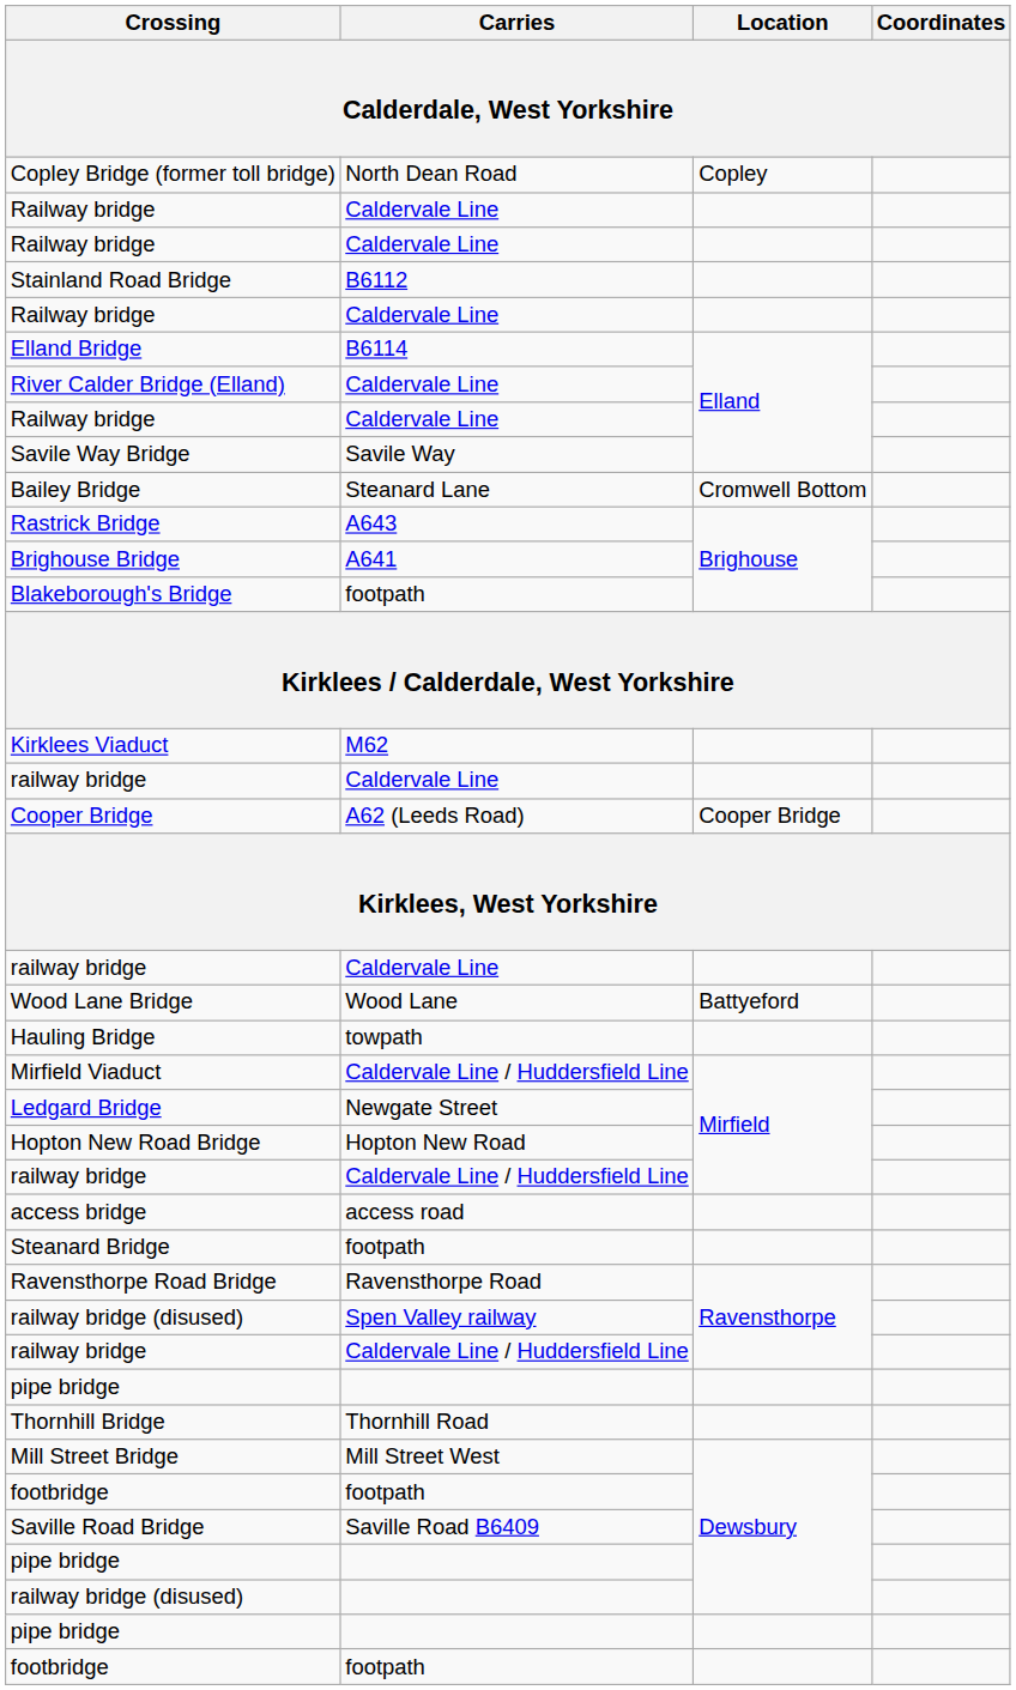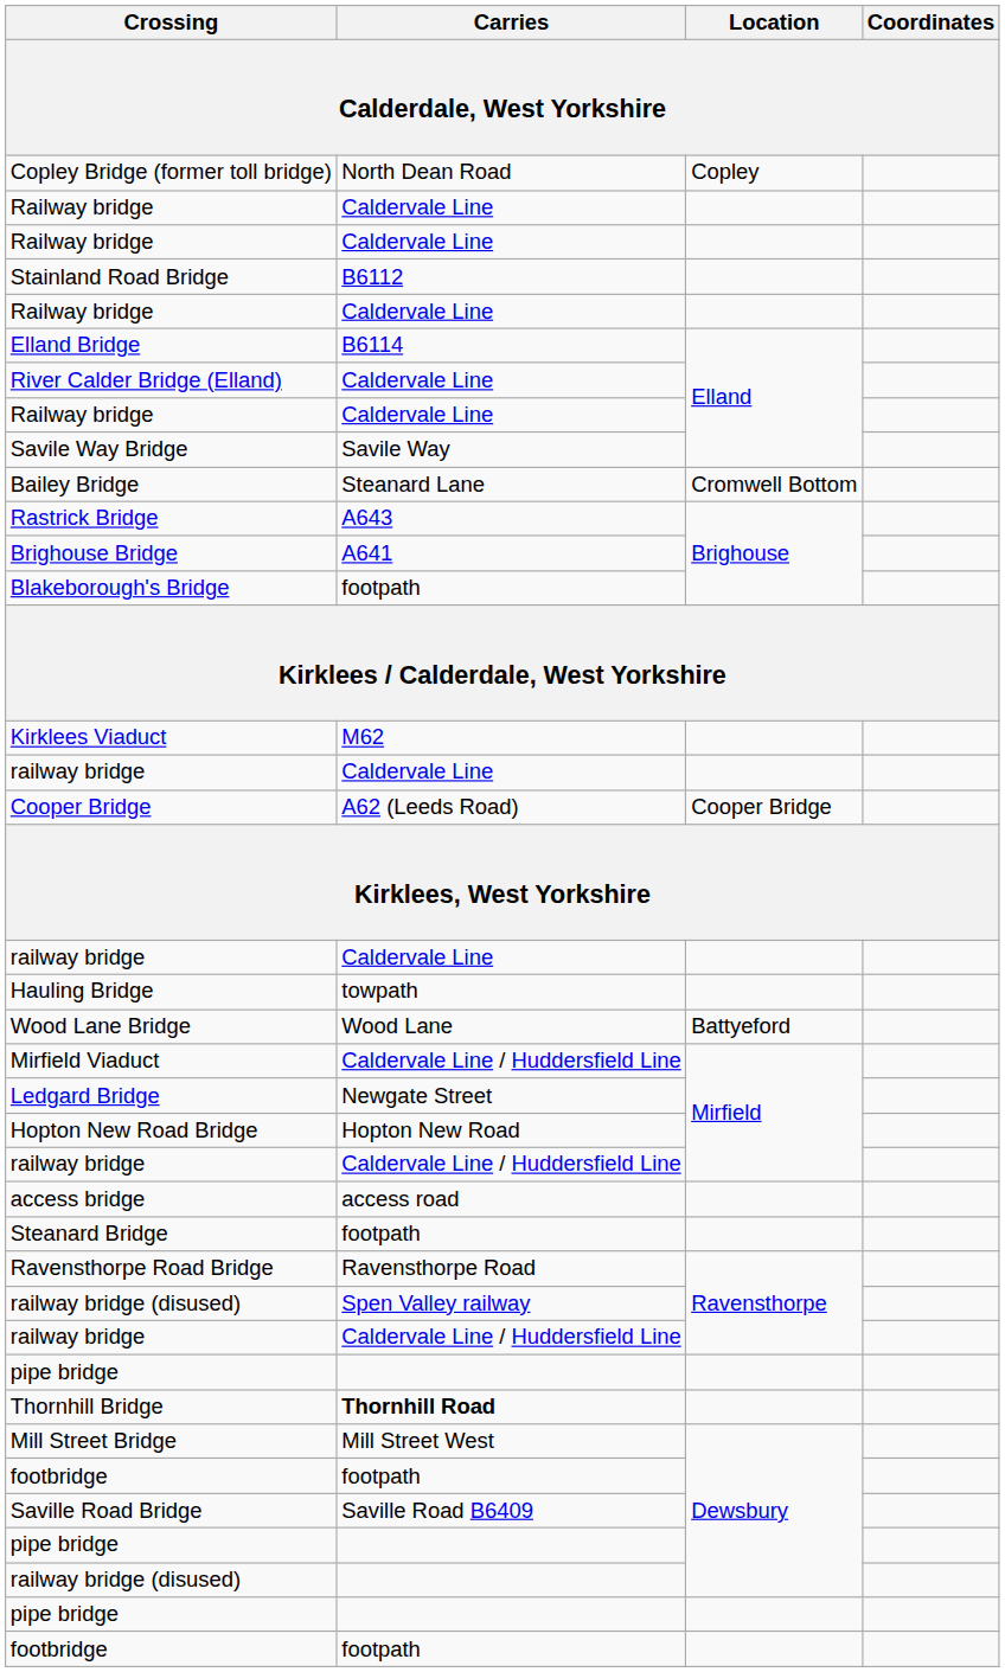 <table class=wikitable>
 <tr>
 <th>Crossing</th>
 <th>Carries</th>
 <th>Location</th>
 <th>Coordinates</th>
 </tr>
 <tr>
 <th colspan=4><br><h3>Calderdale, West Yorkshire</h3></th>
 </tr>
 <tr>
 <td>Copley Bridge (former toll bridge)</td>
 <td>North Dean Road</td>
 <td>Copley</td>
 <td></td>
 </tr>
 <tr>
 <td>Railway bridge</td>
 <td><a href='#'>Caldervale Line</a></td>
 <td></td>
 <td></td>
 </tr>
 <tr>
 <td>Railway bridge</td>
 <td><a href='#'>Caldervale Line</a></td>
 <td></td>
 <td></td>
 </tr>
 <tr>
 <td>Stainland Road Bridge</td>
 <td><a href='#'>B6112</a></td>
 <td></td>
 <td></td>
 </tr>
 <tr>
 <td>Railway bridge</td>
 <td><a href='#'>Caldervale Line</a></td>
 <td></td>
 <td></td>
 </tr>
 <tr>
 <td><a href='#'>Elland Bridge</a></td>
 <td><a href='#'>B6114</a></td>
 <td rowspan=4><a href='#'>Elland</a></td>
 <td></td>
 </tr>
 <tr>
 <td><a href='#'>River Calder Bridge (Elland)</a></td>
 <td><a href='#'>Caldervale Line</a></td>
 <td></td>
 </tr>
 <tr>
 <td>Railway bridge</td>
 <td><a href='#'>Caldervale Line</a></td>
 <td></td>
 </tr>
 <tr>
 <td>Savile Way Bridge</td>
 <td>Savile Way</td>
 <td></td>
 </tr>
 <tr>
 <td>Bailey Bridge</td>
 <td>Steanard Lane</td>
 <td>Cromwell Bottom</td>
 <td></td>
 </tr>
 <tr>
 <td><a href='#'>Rastrick Bridge</a></td>
 <td> <a href='#'>A643</a></td>
 <td rowspan=3><a href='#'>Brighouse</a></td>
 <td></td>
 </tr>
 <tr>
 <td><a href='#'>Brighouse Bridge</a></td>
 <td> <a href='#'>A641</a></td>
 <td></td>
 </tr>
 <tr>
 <td><a href='#'>Blakeborough's Bridge</a></td>
 <td>footpath</td>
 <td></td>
 </tr>
 <tr>
 <th colspan=4><br><h3>Kirklees / Calderdale, West Yorkshire</h3></th>
 </tr>
 <tr>
 <td><a href='#'>Kirklees Viaduct</a></td>
 <td> <a href='#'>M62</a></td>
 <td></td>
 <td></td>
 </tr>
 <tr>
 <td>railway bridge</td>
 <td><a href='#'>Caldervale Line</a></td>
 <td></td>
 <td></td>
 </tr>
 <tr>
 <td><a href='#'>Cooper Bridge</a></td>
 <td> <a href='#'>A62</a> (Leeds Road)</td>
 <td>Cooper Bridge</td>
 <td></td>
 </tr>
 <tr>
 <th colspan=4><br><h3>Kirklees, West Yorkshire</h3></th>
 </tr>
 <tr>
 <td>railway bridge</td>
 <td><a href='#'>Caldervale Line</a></td>
 <td></td>
 <td></td>
 </tr>
 <tr>
+<td>Hauling Bridge</td>
+<td>towpath</td>
+<td></td>
+<td></td>
+</tr>
+<tr>
 <td>Wood Lane Bridge</td>
 <td>Wood Lane</td>
 <td>Battyeford</td>
-<td></td>
-</tr>
-<tr>
-<td>Hauling Bridge</td>
-<td>towpath</td>
-<td></td>
 <td></td>
 </tr>
 <tr>
 <td>Mirfield Viaduct</td>
 <td><a href='#'>Caldervale Line</a> / <a href='#'>Huddersfield Line</a></td>
 <td rowspan=4><a href='#'>Mirfield</a></td>
 <td></td>
 </tr>
 <tr>
 <td><a href='#'>Ledgard Bridge</a></td>
 <td>Newgate Street</td>
 <td></td>
 </tr>
 <tr>
 <td>Hopton New Road Bridge</td>
 <td>Hopton New Road</td>
 <td></td>
 </tr>
 <tr>
 <td>railway bridge</td>
 <td><a href='#'>Caldervale Line</a> / <a href='#'>Huddersfield Line</a></td>
 <td></td>
 </tr>
 <tr>
 <td>access bridge</td>
 <td>access road</td>
 <td></td>
 <td></td>
 </tr>
 <tr>
 <td>Steanard Bridge</td>
 <td>footpath</td>
 <td></td>
 <td></td>
 </tr>
 <tr>
 <td>Ravensthorpe Road Bridge</td>
 <td>Ravensthorpe Road</td>
 <td rowspan=3><a href='#'>Ravensthorpe</a></td>
 <td></td>
 </tr>
 <tr>
 <td>railway bridge (disused)</td>
 <td><a href='#'>Spen Valley railway</a></td>
 <td></td>
 </tr>
 <tr>
 <td>railway bridge</td>
 <td><a href='#'>Caldervale Line</a> / <a href='#'>Huddersfield Line</a></td>
 <td></td>
 </tr>
 <tr>
 <td>pipe bridge</td>
 <td></td>
 <td></td>
 <td></td>
 </tr>
 <tr>
 <td>Thornhill Bridge</td>
-<td>Thornhill Road</td>
+<td><strong>Thornhill Road</strong></td>
 <td></td>
 <td></td>
 </tr>
 <tr>
 <td>Mill Street Bridge</td>
 <td>Mill Street West</td>
 <td rowspan=5><a href='#'>Dewsbury</a></td>
 <td></td>
 </tr>
 <tr>
 <td>footbridge</td>
 <td>footpath</td>
 <td></td>
 </tr>
 <tr>
 <td>Saville Road Bridge</td>
 <td>Saville Road <a href='#'>B6409</a></td>
 <td></td>
 </tr>
 <tr>
 <td>pipe bridge</td>
 <td></td>
 <td></td>
 </tr>
 <tr>
 <td>railway bridge (disused)</td>
 <td></td>
 <td></td>
 </tr>
 <tr>
 <td>pipe bridge</td>
 <td></td>
 <td></td>
 <td></td>
 </tr>
 <tr>
 <td>footbridge</td>
 <td>footpath</td>
 <td></td>
 <td></td>
 </tr>
 </table>
